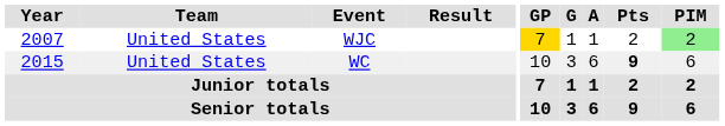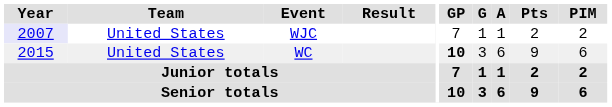 <table border="0" cellpadding="1" cellspacing="0" ID="Table3" style="text-align:center; width:40em;">
 <tr bgcolor="#e0e0e0">
 <th>Year</th>
 <th>Team</th>
 <th>Event</th>
 <th>Result</th>
 <th rowspan="99" bgcolor="#ffffff"></th>
 <th>GP</th>
 <th>G</th>
 <th>A</th>
 <th>Pts</th>
 <th>PIM</th>
 </tr>
 <tr>
-<td><a href='#'>2007</a></td>
+<td style="background: lavender;"><a href='#'>2007</a></td>
 <td><a href='#'>United States</a></td>
 <td><a href='#'>WJC</a></td>
 <td></td>
-<td style="background: gold;">7</td>
+<td>7</td>
 <td>1</td>
 <td>1</td>
 <td>2</td>
-<td style="background: lightgreen;">2</td>
+<td>2</td>
 </tr>
 <tr bgcolor="#f0f0f0">
 <td><a href='#'>2015</a></td>
 <td><a href='#'>United States</a></td>
 <td><a href='#'>WC</a></td>
 <td></td>
-<td>10</td>
+<td><strong>10</strong></td>
 <td>3</td>
 <td>6</td>
-<td><strong>9</strong></td>
+<td>9</td>
 <td>6</td>
 </tr>
 <tr bgcolor="#e0e0e0">
 <th colspan="4">Junior totals</th>
 <th>7</th>
 <th>1</th>
 <th>1</th>
 <th>2</th>
 <th>2</th>
 </tr>
 <tr bgcolor="#e0e0e0">
 <th colspan="4">Senior totals</th>
 <th>10</th>
 <th>3</th>
 <th>6</th>
 <th>9</th>
 <th>6</th>
 </tr>
 </table>
